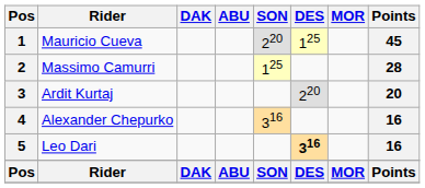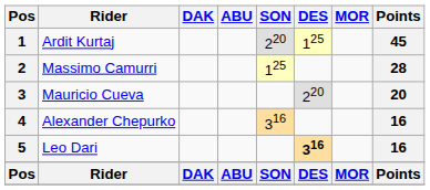 <table class="wikitable" style="font-size: 85%; text-align: center; display: inline-table;">
 <tr valign="top">
 <th valign="middle">Pos</th>
 <th valign="middle">Rider</th>
 <th><a href='#'>DAK</a><br></th>
 <th><a href='#'>ABU</a><br></th>
 <th><a href='#'>SON</a><br></th>
 <th><a href='#'>DES</a><br></th>
 <th><a href='#'>MOR</a><br></th>
 <th valign="middle">Points</th>
 </tr>
 <tr>
 <th>1</th>
-<td align=left> <a href='#'>Mauricio Cueva</a></td>
+<td align=left> <a href='#'>Ardit Kurtaj</a></td>
 <td></td>
 <td></td>
 <td style="background:#dfdfdf;">2<sup>20</sup></td>
 <td style="background:#ffffbf;">1<sup>25</sup></td>
 <td></td>
 <th>45</th>
 </tr>
 <tr>
 <th>2</th>
 <td align=left> <a href='#'>Massimo Camurri</a></td>
 <td></td>
 <td></td>
 <td style="background:#ffffbf;">1<sup>25</sup></td>
 <td></td>
 <td></td>
 <th>28</th>
 </tr>
 <tr>
 <th>3</th>
-<td align=left> <a href='#'>Ardit Kurtaj</a></td>
+<td align=left> <a href='#'>Mauricio Cueva</a></td>
 <td></td>
 <td></td>
 <td></td>
 <td style="background:#dfdfdf;">2<sup>20</sup></td>
 <td></td>
 <th>20</th>
 </tr>
 <tr>
 <th>4</th>
 <td align=left> <a href='#'>Alexander Chepurko</a></td>
 <td></td>
 <td></td>
 <td style="background:#ffdf9f;">3<sup>16</sup></td>
 <td></td>
 <td></td>
 <th>16</th>
 </tr>
 <tr>
 <th>5</th>
 <td align=left> <a href='#'>Leo Dari</a></td>
 <td></td>
 <td></td>
 <td></td>
 <td style="background:#ffdf9f;"><strong>3<sup>16</sup></strong></td>
 <td></td>
 <th>16</th>
 </tr>
 <tr>
 </tr>
 <tr valign="top">
 <th valign="middle">Pos</th>
 <th valign="middle">Rider</th>
 <th><a href='#'>DAK</a><br></th>
 <th><a href='#'>ABU</a><br></th>
 <th><a href='#'>SON</a><br></th>
 <th><a href='#'>DES</a><br></th>
 <th><a href='#'>MOR</a><br></th>
 <th valign="middle">Points</th>
 </tr>
 <tr>
 </tr>
 </table>
